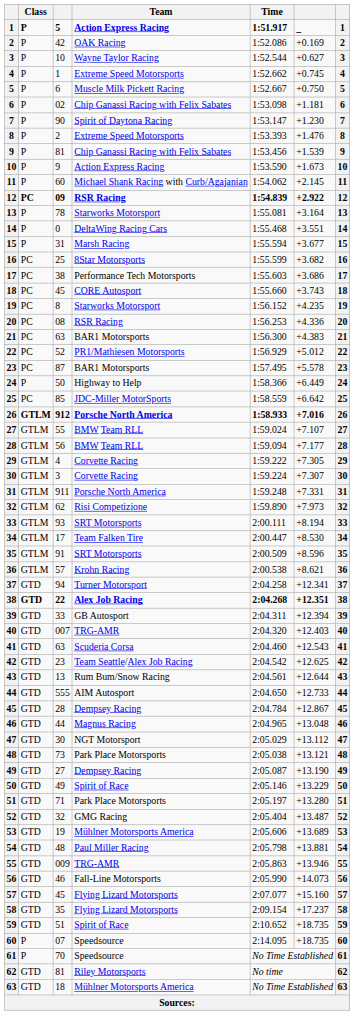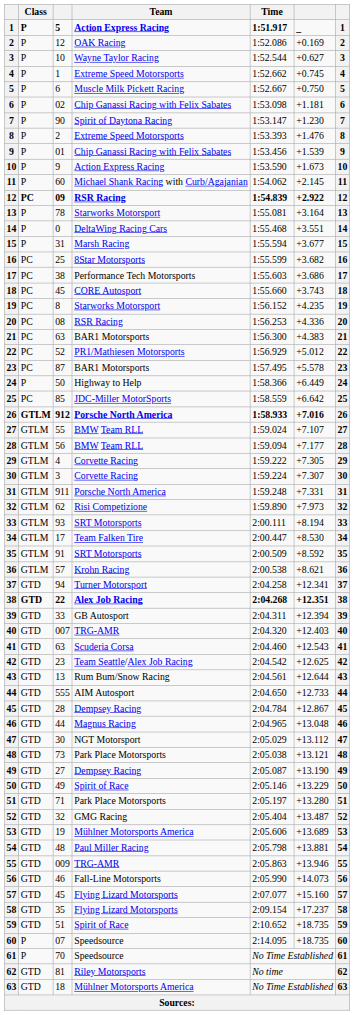 <table class="wikitable">
 <tr>
 <th></th>
 <th>Class</th>
 <th></th>
 <th>Team</th>
 <th>Time</th>
 <th></th>
 <th></th>
 </tr>
 <tr>
 <th>1</th>
 <td><strong>P</strong></td>
 <td><strong>5</strong></td>
 <td><strong> <a href='#'>Action Express Racing</a></strong></td>
 <td><strong>1:51.917</strong></td>
 <td><strong>_</strong></td>
 <th>1</th>
 </tr>
 <tr>
 <th>2</th>
 <td>P</td>
-<td>42</td>
+<td>12</td>
 <td> <a href='#'>OAK Racing</a></td>
 <td>1:52.086</td>
 <td>+0.169</td>
 <th>2</th>
 </tr>
 <tr>
 <th>3</th>
 <td>P</td>
 <td>10</td>
 <td> <a href='#'>Wayne Taylor Racing</a></td>
 <td>1:52.544</td>
 <td>+0.627</td>
 <th>3</th>
 </tr>
 <tr>
 <th>4</th>
 <td>P</td>
 <td>1</td>
 <td> <a href='#'>Extreme Speed Motorsports</a></td>
 <td>1:52.662</td>
 <td>+0.745</td>
 <th>4</th>
 </tr>
 <tr>
 <th>5</th>
 <td>P</td>
 <td>6</td>
 <td> <a href='#'>Muscle Milk Pickett Racing</a></td>
 <td>1:52.667</td>
 <td>+0.750</td>
 <th>5</th>
 </tr>
 <tr>
 <th>6</th>
 <td>P</td>
 <td>02</td>
 <td> <a href='#'>Chip Ganassi Racing with Felix Sabates</a></td>
 <td>1:53.098</td>
 <td>+1.181</td>
 <th>6</th>
 </tr>
 <tr>
 <th>7</th>
 <td>P</td>
 <td>90</td>
 <td> <a href='#'>Spirit of Daytona Racing</a></td>
 <td>1:53.147</td>
 <td>+1.230</td>
 <th>7</th>
 </tr>
 <tr>
 <th>8</th>
 <td>P</td>
 <td>2</td>
 <td> <a href='#'>Extreme Speed Motorsports</a></td>
 <td>1:53.393</td>
 <td>+1.476</td>
 <th>8</th>
 </tr>
 <tr>
 <th>9</th>
 <td>P</td>
-<td>81</td>
+<td>01</td>
 <td> <a href='#'>Chip Ganassi Racing with Felix Sabates</a></td>
 <td>1:53.456</td>
 <td>+1.539</td>
 <th>9</th>
 </tr>
 <tr>
 <th>10</th>
 <td>P</td>
 <td>9</td>
 <td> <a href='#'>Action Express Racing</a></td>
 <td>1:53.590</td>
 <td>+1.673</td>
 <th>10</th>
 </tr>
 <tr>
 <th>11</th>
 <td>P</td>
 <td>60</td>
 <td> <a href='#'>Michael Shank Racing</a> with <a href='#'>Curb/Agajanian</a></td>
 <td>1:54.062</td>
 <td>+2.145</td>
 <th>11</th>
 </tr>
 <tr>
 <th>12</th>
 <td><strong>PC</strong></td>
 <td><strong>09</strong></td>
 <td><strong> <a href='#'>RSR Racing</a></strong></td>
 <td><strong>1:54.839</strong></td>
 <td><strong>+2.922</strong></td>
 <th>12</th>
 </tr>
 <tr>
 <th>13</th>
 <td>P</td>
 <td>78</td>
 <td> <a href='#'>Starworks Motorsport</a></td>
 <td>1:55.081</td>
 <td>+3.164</td>
 <th>13</th>
 </tr>
 <tr>
 <th>14</th>
 <td>P</td>
 <td>0</td>
 <td> <a href='#'>DeltaWing Racing Cars</a></td>
 <td>1:55.468</td>
 <td>+3.551</td>
 <th>14</th>
 </tr>
 <tr>
 <th>15</th>
 <td>P</td>
 <td>31</td>
 <td> <a href='#'>Marsh Racing</a></td>
 <td>1:55.594</td>
 <td>+3.677</td>
 <th>15</th>
 </tr>
 <tr>
 <th>16</th>
 <td>PC</td>
 <td>25</td>
 <td> <a href='#'>8Star Motorsports</a></td>
 <td>1:55.599</td>
 <td>+3.682</td>
 <th>16</th>
 </tr>
 <tr>
 <th>17</th>
 <td>PC</td>
 <td>38</td>
 <td> Performance Tech Motorsports</td>
 <td>1:55.603</td>
 <td>+3.686</td>
 <th>17</th>
 </tr>
 <tr>
 <th>18</th>
 <td>PC</td>
 <td>45</td>
 <td> <a href='#'>CORE Autosport</a></td>
 <td>1:55.660</td>
 <td>+3.743</td>
 <th>18</th>
 </tr>
 <tr>
 <th>19</th>
 <td>PC</td>
 <td>8</td>
 <td> <a href='#'>Starworks Motorsport</a></td>
 <td>1:56.152</td>
 <td>+4.235</td>
 <th>19</th>
 </tr>
 <tr>
 <th>20</th>
 <td>PC</td>
 <td>08</td>
 <td> <a href='#'>RSR Racing</a></td>
 <td>1:56.253</td>
 <td>+4.336</td>
 <th>20</th>
 </tr>
 <tr>
 <th>21</th>
 <td>PC</td>
 <td>63</td>
 <td> BAR1 Motorsports</td>
 <td>1:56.300</td>
 <td>+4.383</td>
 <th>21</th>
 </tr>
 <tr>
 <th>22</th>
 <td>PC</td>
 <td>52</td>
 <td> <a href='#'>PR1/Mathiesen Motorsports</a></td>
 <td>1:56.929</td>
 <td>+5.012</td>
 <th>22</th>
 </tr>
 <tr>
 <th>23</th>
 <td>PC</td>
 <td>87</td>
 <td> BAR1 Motorsports</td>
 <td>1:57.495</td>
 <td>+5.578</td>
 <th>23</th>
 </tr>
 <tr>
 <th>24</th>
 <td>P</td>
 <td>50</td>
 <td> Highway to Help</td>
 <td>1:58.366</td>
 <td>+6.449</td>
 <th>24</th>
 </tr>
 <tr>
 <th>25</th>
 <td>PC</td>
 <td>85</td>
 <td> <a href='#'>JDC-Miller MotorSports</a></td>
 <td>1:58.559</td>
 <td>+6.642</td>
 <th>25</th>
 </tr>
 <tr>
 <th>26</th>
 <td><strong>GTLM</strong></td>
 <td><strong>912</strong></td>
 <td><strong> <a href='#'>Porsche North America</a></strong></td>
 <td><strong>1:58.933</strong></td>
 <td><strong>+7.016</strong></td>
 <th>26</th>
 </tr>
 <tr>
 <th>27</th>
 <td>GTLM</td>
 <td>55</td>
 <td> <a href='#'>BMW</a> <a href='#'>Team RLL</a></td>
 <td>1:59.024</td>
 <td>+7.107</td>
 <th>27</th>
 </tr>
 <tr>
 <th>28</th>
 <td>GTLM</td>
 <td>56</td>
 <td> <a href='#'>BMW</a> <a href='#'>Team RLL</a></td>
 <td>1:59.094</td>
 <td>+7.177</td>
 <th>28</th>
 </tr>
 <tr>
 <th>29</th>
 <td>GTLM</td>
 <td>4</td>
 <td> <a href='#'>Corvette Racing</a></td>
 <td>1:59.222</td>
 <td>+7.305</td>
 <th>29</th>
 </tr>
 <tr>
 <th>30</th>
 <td>GTLM</td>
 <td>3</td>
 <td> <a href='#'>Corvette Racing</a></td>
 <td>1:59.224</td>
 <td>+7.307</td>
 <th>30</th>
 </tr>
 <tr>
 <th>31</th>
 <td>GTLM</td>
 <td>911</td>
 <td> <a href='#'>Porsche North America</a></td>
 <td>1:59.248</td>
 <td>+7.331</td>
 <th>31</th>
 </tr>
 <tr>
 <th>32</th>
 <td>GTLM</td>
 <td>62</td>
 <td> <a href='#'>Risi Competizione</a></td>
 <td>1:59.890</td>
 <td>+7.973</td>
 <th>32</th>
 </tr>
 <tr>
 <th>33</th>
 <td>GTLM</td>
 <td>93</td>
 <td> <a href='#'>SRT Motorsports</a></td>
 <td>2:00.111</td>
 <td>+8.194</td>
 <th>33</th>
 </tr>
 <tr>
 <th>34</th>
 <td>GTLM</td>
 <td>17</td>
 <td> <a href='#'>Team Falken Tire</a></td>
 <td>2:00.447</td>
 <td>+8.530</td>
 <th>34</th>
 </tr>
 <tr>
 <th>35</th>
 <td>GTLM</td>
 <td>91</td>
 <td> <a href='#'>SRT Motorsports</a></td>
 <td>2:00.509</td>
-<td>+8.596</td>
+<td>+8.592</td>
 <th>35</th>
 </tr>
 <tr>
 <th>36</th>
 <td>GTLM</td>
 <td>57</td>
 <td> <a href='#'>Krohn Racing</a></td>
 <td>2:00.538</td>
 <td>+8.621</td>
 <th>36</th>
 </tr>
 <tr>
 <th>37</th>
 <td>GTD</td>
 <td>94</td>
 <td> <a href='#'>Turner Motorsport</a></td>
 <td>2:04.258</td>
 <td>+12.341</td>
 <th>37</th>
 </tr>
 <tr>
 <th>38</th>
 <td><strong>GTD</strong></td>
 <td><strong>22</strong></td>
 <td><strong> <a href='#'>Alex Job Racing</a></strong></td>
 <td><strong>2:04.268</strong></td>
 <td><strong>+12.351</strong></td>
 <th>38</th>
 </tr>
 <tr>
 <th>39</th>
 <td>GTD</td>
 <td>33</td>
 <td> GB Autosport</td>
 <td>2:04.311</td>
 <td>+12.394</td>
 <th>39</th>
 </tr>
 <tr>
 <th>40</th>
 <td>GTD</td>
 <td>007</td>
 <td> <a href='#'>TRG-AMR</a></td>
 <td>2:04.320</td>
 <td>+12.403</td>
 <th>40</th>
 </tr>
 <tr>
 <th>41</th>
 <td>GTD</td>
 <td>63</td>
 <td> <a href='#'>Scuderia Corsa</a></td>
 <td>2:04.460</td>
 <td>+12.543</td>
 <th>41</th>
 </tr>
 <tr>
 <th>42</th>
 <td>GTD</td>
 <td>23</td>
 <td> <a href='#'>Team Seattle</a>/<a href='#'>Alex Job Racing</a></td>
 <td>2:04.542</td>
 <td>+12.625</td>
 <th>42</th>
 </tr>
 <tr>
 <th>43</th>
 <td>GTD</td>
 <td>13</td>
 <td> Rum Bum/Snow Racing</td>
 <td>2:04.561</td>
 <td>+12.644</td>
 <th>43</th>
 </tr>
 <tr>
 <th>44</th>
 <td>GTD</td>
 <td>555</td>
 <td> AIM Autosport</td>
 <td>2:04.650</td>
 <td>+12.733</td>
 <th>44</th>
 </tr>
 <tr>
 <th>45</th>
 <td>GTD</td>
 <td>28</td>
 <td> <a href='#'>Dempsey Racing</a></td>
 <td>2:04.784</td>
 <td>+12.867</td>
 <th>45</th>
 </tr>
 <tr>
 <th>46</th>
 <td>GTD</td>
 <td>44</td>
 <td> <a href='#'>Magnus Racing</a></td>
 <td>2:04.965</td>
 <td>+13.048</td>
 <th>46</th>
 </tr>
 <tr>
 <th>47</th>
 <td>GTD</td>
 <td>30</td>
 <td> NGT Motorsport</td>
 <td>2:05.029</td>
 <td>+13.112</td>
 <th>47</th>
 </tr>
 <tr>
 <th>48</th>
 <td>GTD</td>
 <td>73</td>
 <td> Park Place Motorsports</td>
 <td>2:05.038</td>
 <td>+13.121</td>
 <th>48</th>
 </tr>
 <tr>
 <th>49</th>
 <td>GTD</td>
 <td>27</td>
 <td> <a href='#'>Dempsey Racing</a></td>
 <td>2:05.087</td>
 <td>+13.190</td>
 <th>49</th>
 </tr>
 <tr>
 <th>50</th>
 <td>GTD</td>
 <td>49</td>
 <td> <a href='#'>Spirit of Race</a></td>
 <td>2:05.146</td>
 <td>+13.229</td>
 <th>50</th>
 </tr>
 <tr>
 <th>51</th>
 <td>GTD</td>
 <td>71</td>
 <td> Park Place Motorsports</td>
 <td>2:05.197</td>
 <td>+13.280</td>
 <th>51</th>
 </tr>
 <tr>
 <th>52</th>
 <td>GTD</td>
 <td>32</td>
 <td> GMG Racing</td>
 <td>2:05.404</td>
 <td>+13.487</td>
 <th>52</th>
 </tr>
 <tr>
 <th>53</th>
 <td>GTD</td>
 <td>19</td>
 <td> <a href='#'>Mühlner Motorsports America</a></td>
 <td>2:05.606</td>
 <td>+13.689</td>
 <th>53</th>
 </tr>
 <tr>
 <th>54</th>
 <td>GTD</td>
 <td>48</td>
 <td> <a href='#'>Paul Miller Racing</a></td>
 <td>2:05.798</td>
 <td>+13.881</td>
 <th>54</th>
 </tr>
 <tr>
 <th>55</th>
 <td>GTD</td>
 <td>009</td>
 <td> <a href='#'>TRG-AMR</a></td>
 <td>2:05.863</td>
 <td>+13.946</td>
 <th>55</th>
 </tr>
 <tr>
 <th>56</th>
 <td>GTD</td>
 <td>46</td>
 <td> Fall-Line Motorsports</td>
 <td>2:05.990</td>
 <td>+14.073</td>
 <th>56</th>
 </tr>
 <tr>
 <th>57</th>
 <td>GTD</td>
 <td>45</td>
 <td> <a href='#'>Flying Lizard Motorsports</a></td>
 <td>2:07.077</td>
 <td>+15.160</td>
 <th>57</th>
 </tr>
 <tr>
 <th>58</th>
 <td>GTD</td>
 <td>35</td>
 <td> <a href='#'>Flying Lizard Motorsports</a></td>
 <td>2:09.154</td>
 <td>+17.237</td>
 <th>58</th>
 </tr>
 <tr>
 <th>59</th>
 <td>GTD</td>
 <td>51</td>
 <td> <a href='#'>Spirit of Race</a></td>
 <td>2:10.652</td>
 <td>+18.735</td>
 <th>59</th>
 </tr>
 <tr>
 <th>60</th>
 <td>P</td>
 <td>07</td>
 <td> Speedsource</td>
 <td>2:14.095</td>
 <td>+18.735</td>
 <th>60</th>
 </tr>
 <tr>
 <th>61</th>
 <td>P</td>
 <td>70</td>
 <td> Speedsource</td>
 <td colspan="2"><em>No Time Established</em></td>
 <th>61</th>
 </tr>
 <tr>
 <th>62</th>
 <td>GTD</td>
 <td>81</td>
 <td> <a href='#'>Riley Motorsports</a></td>
 <td colspan="2"><em>No time</em></td>
 <th>62</th>
 </tr>
 <tr>
 <th>63</th>
 <td>GTD</td>
 <td>18</td>
 <td> <a href='#'>Mühlner Motorsports America</a></td>
 <td colspan="2"><em>No Time Established</em></td>
 <th>63</th>
 </tr>
 <tr>
 <th colspan="7">Sources:</th>
 </tr>
 </table>
